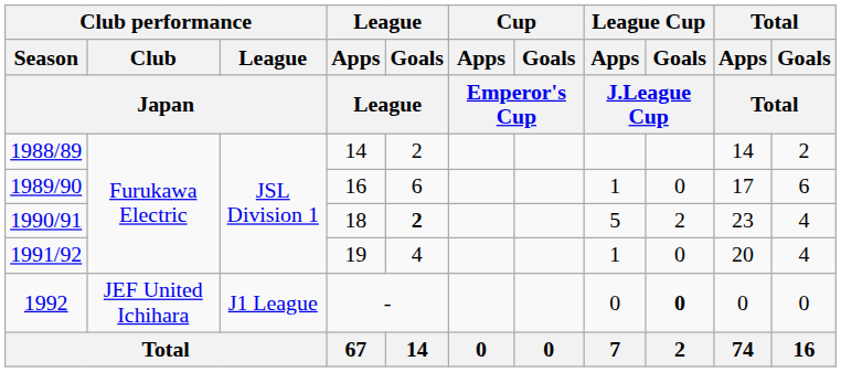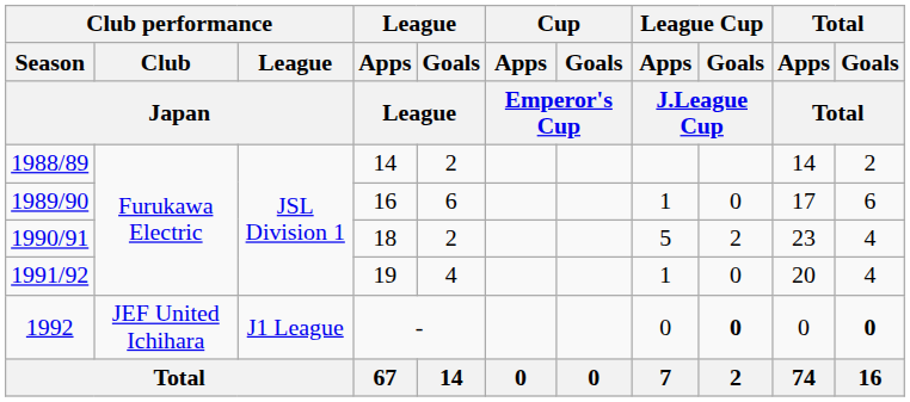 <table class="wikitable" style="text-align:center;">
 <tr>
 <th colspan=3>Club performance</th>
 <th colspan=2>League</th>
 <th colspan=2>Cup</th>
 <th colspan=2>League Cup</th>
 <th colspan=2>Total</th>
 </tr>
 <tr>
 <th>Season</th>
 <th>Club</th>
 <th>League</th>
 <th>Apps</th>
 <th>Goals</th>
 <th>Apps</th>
 <th>Goals</th>
 <th>Apps</th>
 <th>Goals</th>
 <th>Apps</th>
 <th>Goals</th>
 </tr>
 <tr>
 <th colspan=3>Japan</th>
 <th colspan=2>League</th>
 <th colspan=2><a href='#'>Emperor's Cup</a></th>
 <th colspan=2><a href='#'>J.League Cup</a></th>
 <th colspan=2>Total</th>
 </tr>
 <tr>
 <td><a href='#'>1988/89</a></td>
 <td rowspan="4"><a href='#'>Furukawa Electric</a></td>
 <td rowspan="4"><a href='#'>JSL Division 1</a></td>
 <td>14</td>
 <td>2</td>
 <td></td>
 <td></td>
 <td></td>
 <td></td>
 <td>14</td>
 <td>2</td>
 </tr>
 <tr>
 <td><a href='#'>1989/90</a></td>
 <td>16</td>
 <td>6</td>
 <td></td>
 <td></td>
 <td>1</td>
 <td>0</td>
 <td>17</td>
 <td>6</td>
 </tr>
 <tr>
 <td><a href='#'>1990/91</a></td>
 <td>18</td>
-<td><strong>2</strong></td>
+<td>2</td>
 <td></td>
 <td></td>
 <td>5</td>
 <td>2</td>
 <td>23</td>
 <td>4</td>
 </tr>
 <tr>
 <td><a href='#'>1991/92</a></td>
 <td>19</td>
 <td>4</td>
 <td></td>
 <td></td>
 <td>1</td>
 <td>0</td>
 <td>20</td>
 <td>4</td>
 </tr>
 <tr>
 <td><a href='#'>1992</a></td>
 <td><a href='#'>JEF United Ichihara</a></td>
 <td><a href='#'>J1 League</a></td>
 <td colspan="2">-</td>
 <td></td>
 <td></td>
 <td>0</td>
 <td><strong>0</strong></td>
 <td>0</td>
-<td>0</td>
+<td><strong>0</strong></td>
 </tr>
 <tr>
 <th colspan=3>Total</th>
 <th>67</th>
 <th>14</th>
 <th>0</th>
 <th>0</th>
 <th>7</th>
 <th>2</th>
 <th>74</th>
 <th>16</th>
 </tr>
 </table>
